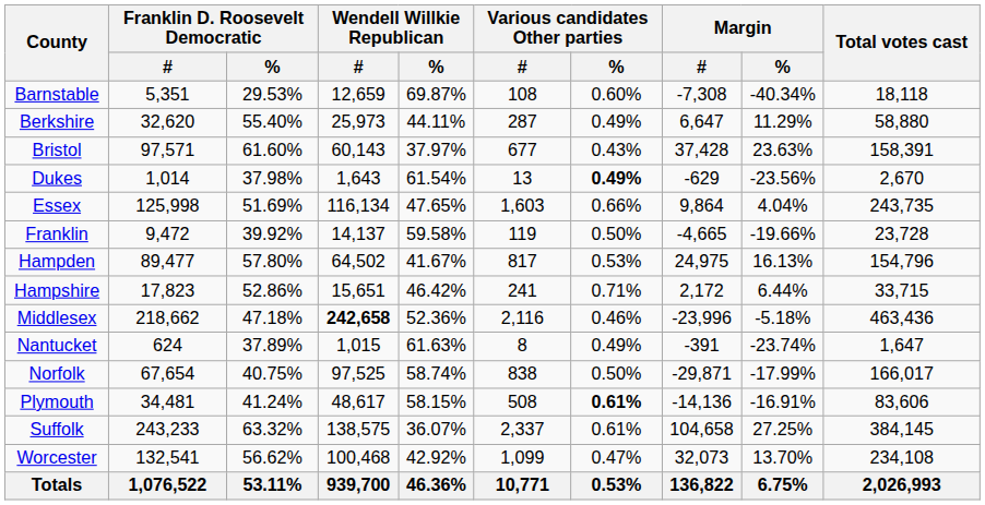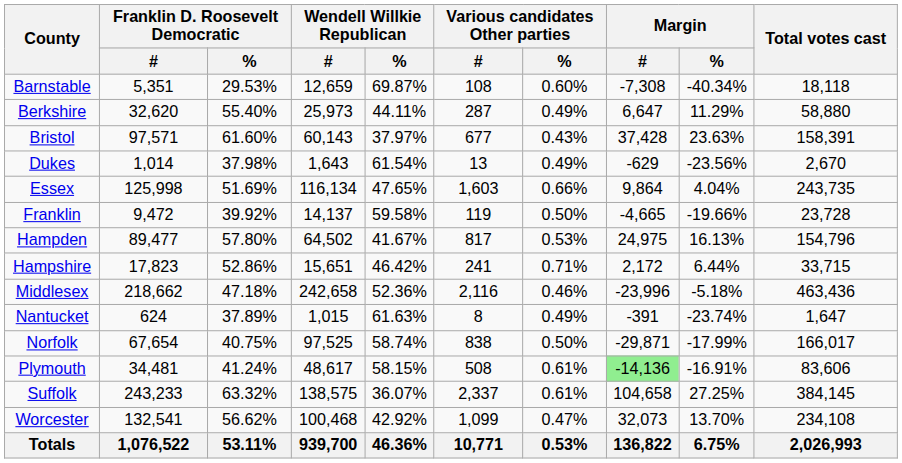 <table width="70%" class="wikitable sortable">
 <tr>
 <th rowspan="2">County</th>
 <th colspan="2">Franklin D. Roosevelt<br>Democratic</th>
 <th colspan="2">Wendell Willkie<br>Republican</th>
 <th colspan="2">Various candidates<br>Other parties</th>
 <th colspan="2">Margin</th>
 <th rowspan="2">Total votes cast</th>
 </tr>
 <tr bgcolor="lightgrey">
 <th data-sort-type="number">#</th>
 <th data-sort-type="number">%</th>
 <th data-sort-type="number">#</th>
 <th data-sort-type="number">%</th>
 <th data-sort-type="number">#</th>
 <th data-sort-type="number">%</th>
 <th data-sort-type="number">#</th>
 <th data-sort-type="number">%</th>
 </tr>
 <tr style="text-align:center;">
 <td><a href='#'>Barnstable</a></td>
 <td>5,351</td>
 <td>29.53%</td>
 <td>12,659</td>
 <td>69.87%</td>
 <td>108</td>
 <td>0.60%</td>
 <td>-7,308</td>
 <td>-40.34%</td>
 <td>18,118</td>
 </tr>
 <tr style="text-align:center;">
 <td><a href='#'>Berkshire</a></td>
 <td>32,620</td>
 <td>55.40%</td>
 <td>25,973</td>
 <td>44.11%</td>
 <td>287</td>
 <td>0.49%</td>
 <td>6,647</td>
 <td>11.29%</td>
 <td>58,880</td>
 </tr>
 <tr style="text-align:center;">
 <td><a href='#'>Bristol</a></td>
 <td>97,571</td>
 <td>61.60%</td>
 <td>60,143</td>
 <td>37.97%</td>
 <td>677</td>
 <td>0.43%</td>
 <td>37,428</td>
 <td>23.63%</td>
 <td>158,391</td>
 </tr>
 <tr style="text-align:center;">
 <td><a href='#'>Dukes</a></td>
 <td>1,014</td>
 <td>37.98%</td>
 <td>1,643</td>
 <td>61.54%</td>
 <td>13</td>
-<td><strong>0.49%</strong></td>
+<td>0.49%</td>
 <td>-629</td>
 <td>-23.56%</td>
 <td>2,670</td>
 </tr>
 <tr style="text-align:center;">
 <td><a href='#'>Essex</a></td>
 <td>125,998</td>
 <td>51.69%</td>
 <td>116,134</td>
 <td>47.65%</td>
 <td>1,603</td>
 <td>0.66%</td>
 <td>9,864</td>
 <td>4.04%</td>
 <td>243,735</td>
 </tr>
 <tr style="text-align:center;">
 <td><a href='#'>Franklin</a></td>
 <td>9,472</td>
 <td>39.92%</td>
 <td>14,137</td>
 <td>59.58%</td>
 <td>119</td>
 <td>0.50%</td>
 <td>-4,665</td>
 <td>-19.66%</td>
 <td>23,728</td>
 </tr>
 <tr style="text-align:center;">
 <td><a href='#'>Hampden</a></td>
 <td>89,477</td>
 <td>57.80%</td>
 <td>64,502</td>
 <td>41.67%</td>
 <td>817</td>
 <td>0.53%</td>
 <td>24,975</td>
 <td>16.13%</td>
 <td>154,796</td>
 </tr>
 <tr style="text-align:center;">
 <td><a href='#'>Hampshire</a></td>
 <td>17,823</td>
 <td>52.86%</td>
 <td>15,651</td>
 <td>46.42%</td>
 <td>241</td>
 <td>0.71%</td>
 <td>2,172</td>
 <td>6.44%</td>
 <td>33,715</td>
 </tr>
 <tr style="text-align:center;">
 <td><a href='#'>Middlesex</a></td>
 <td>218,662</td>
 <td>47.18%</td>
-<td><strong>242,658</strong></td>
+<td>242,658</td>
 <td>52.36%</td>
 <td>2,116</td>
 <td>0.46%</td>
 <td>-23,996</td>
 <td>-5.18%</td>
 <td>463,436</td>
 </tr>
 <tr style="text-align:center;">
 <td><a href='#'>Nantucket</a></td>
 <td>624</td>
 <td>37.89%</td>
 <td>1,015</td>
 <td>61.63%</td>
 <td>8</td>
 <td>0.49%</td>
 <td>-391</td>
 <td>-23.74%</td>
 <td>1,647</td>
 </tr>
 <tr style="text-align:center;">
 <td><a href='#'>Norfolk</a></td>
 <td>67,654</td>
 <td>40.75%</td>
 <td>97,525</td>
 <td>58.74%</td>
 <td>838</td>
 <td>0.50%</td>
 <td>-29,871</td>
 <td>-17.99%</td>
 <td>166,017</td>
 </tr>
 <tr style="text-align:center;">
 <td><a href='#'>Plymouth</a></td>
 <td>34,481</td>
 <td>41.24%</td>
 <td>48,617</td>
 <td>58.15%</td>
 <td>508</td>
-<td><strong>0.61%</strong></td>
-<td>-14,136</td>
+<td>0.61%</td>
+<td style="background: lightgreen;">-14,136</td>
 <td>-16.91%</td>
 <td>83,606</td>
 </tr>
 <tr style="text-align:center;">
 <td><a href='#'>Suffolk</a></td>
 <td>243,233</td>
 <td>63.32%</td>
 <td>138,575</td>
 <td>36.07%</td>
 <td>2,337</td>
 <td>0.61%</td>
 <td>104,658</td>
 <td>27.25%</td>
 <td>384,145</td>
 </tr>
 <tr style="text-align:center;">
 <td><a href='#'>Worcester</a></td>
 <td>132,541</td>
 <td>56.62%</td>
 <td>100,468</td>
 <td>42.92%</td>
 <td>1,099</td>
 <td>0.47%</td>
 <td>32,073</td>
 <td>13.70%</td>
 <td>234,108</td>
 </tr>
 <tr>
 <th>Totals</th>
 <th>1,076,522</th>
 <th>53.11%</th>
 <th>939,700</th>
 <th>46.36%</th>
 <th>10,771</th>
 <th>0.53%</th>
 <th>136,822</th>
 <th>6.75%</th>
 <th>2,026,993</th>
 </tr>
 </table>
